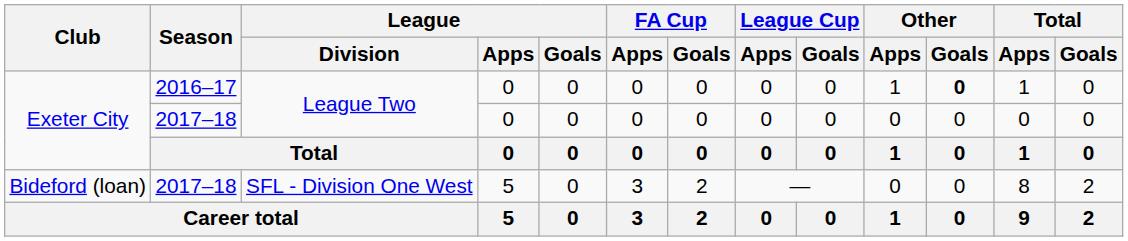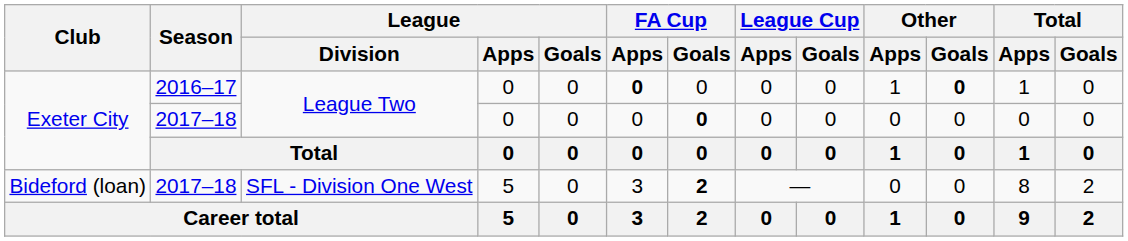 <table class="wikitable" style="text-align:center">
 <tr>
 <th rowspan="2">Club</th>
 <th rowspan="2">Season</th>
 <th colspan="3">League</th>
 <th colspan="2"><a href='#'>FA Cup</a></th>
 <th colspan="2"><a href='#'>League Cup</a></th>
 <th colspan="2">Other</th>
 <th colspan="2">Total</th>
 </tr>
 <tr>
 <th>Division</th>
 <th>Apps</th>
 <th>Goals</th>
 <th>Apps</th>
 <th>Goals</th>
 <th>Apps</th>
 <th>Goals</th>
 <th>Apps</th>
 <th>Goals</th>
 <th>Apps</th>
 <th>Goals</th>
 </tr>
 <tr>
 <td rowspan="3"><a href='#'>Exeter City</a></td>
 <td><a href='#'>2016–17</a></td>
 <td rowspan="2"><a href='#'>League Two</a></td>
 <td>0</td>
 <td>0</td>
-<td>0</td>
+<td><strong>0</strong></td>
 <td>0</td>
 <td>0</td>
 <td>0</td>
 <td>1</td>
 <td><strong>0</strong></td>
 <td>1</td>
 <td>0</td>
 </tr>
 <tr>
 <td><a href='#'>2017–18</a></td>
 <td>0</td>
 <td>0</td>
 <td>0</td>
-<td>0</td>
+<td><strong>0</strong></td>
 <td>0</td>
 <td>0</td>
 <td>0</td>
 <td>0</td>
 <td>0</td>
 <td>0</td>
 </tr>
 <tr>
 <th colspan="2">Total</th>
 <th>0</th>
 <th>0</th>
 <th>0</th>
 <th>0</th>
 <th>0</th>
 <th>0</th>
 <th>1</th>
 <th>0</th>
 <th>1</th>
 <th>0</th>
 </tr>
 <tr>
 <td><a href='#'>Bideford</a> (loan)</td>
 <td><a href='#'>2017–18</a></td>
 <td><a href='#'>SFL - Division One West</a></td>
 <td>5</td>
 <td>0</td>
 <td>3</td>
-<td>2</td>
+<td><strong>2</strong></td>
 <td colspan="2">—</td>
 <td>0</td>
 <td>0</td>
 <td>8</td>
 <td>2</td>
 </tr>
 <tr>
 <th colspan="3">Career total</th>
 <th>5</th>
 <th>0</th>
 <th>3</th>
 <th>2</th>
 <th>0</th>
 <th>0</th>
 <th>1</th>
 <th>0</th>
 <th>9</th>
 <th>2</th>
 </tr>
 </table>
